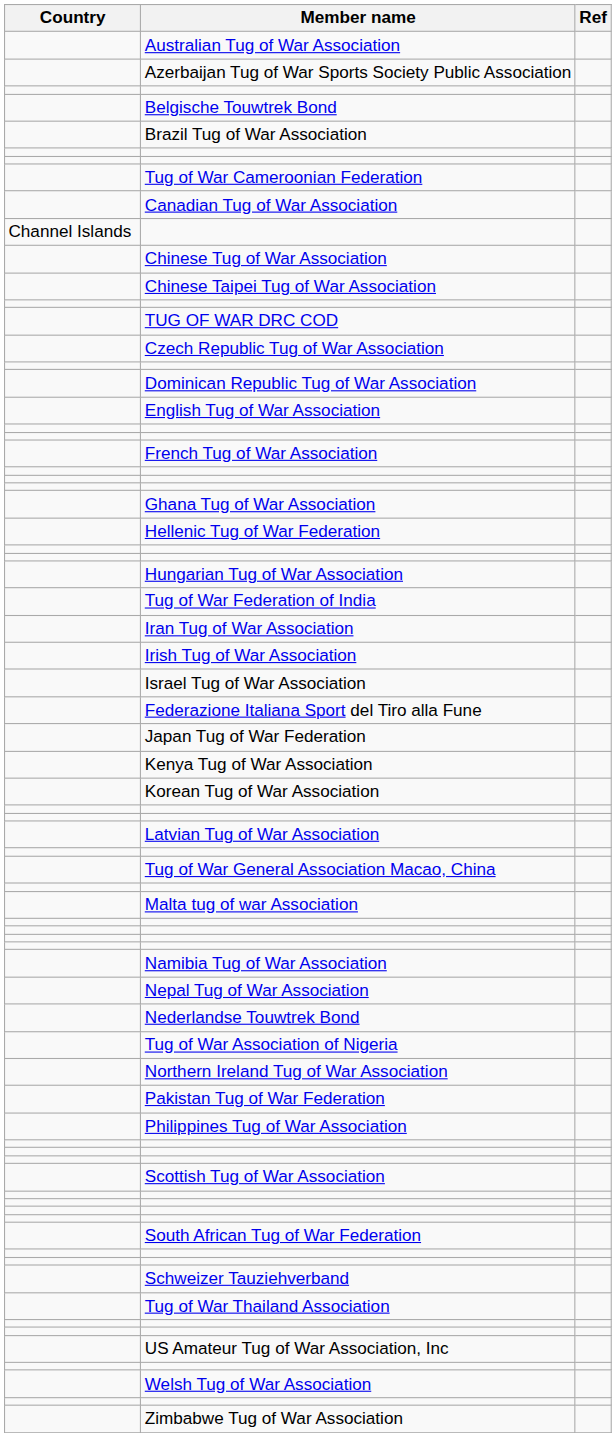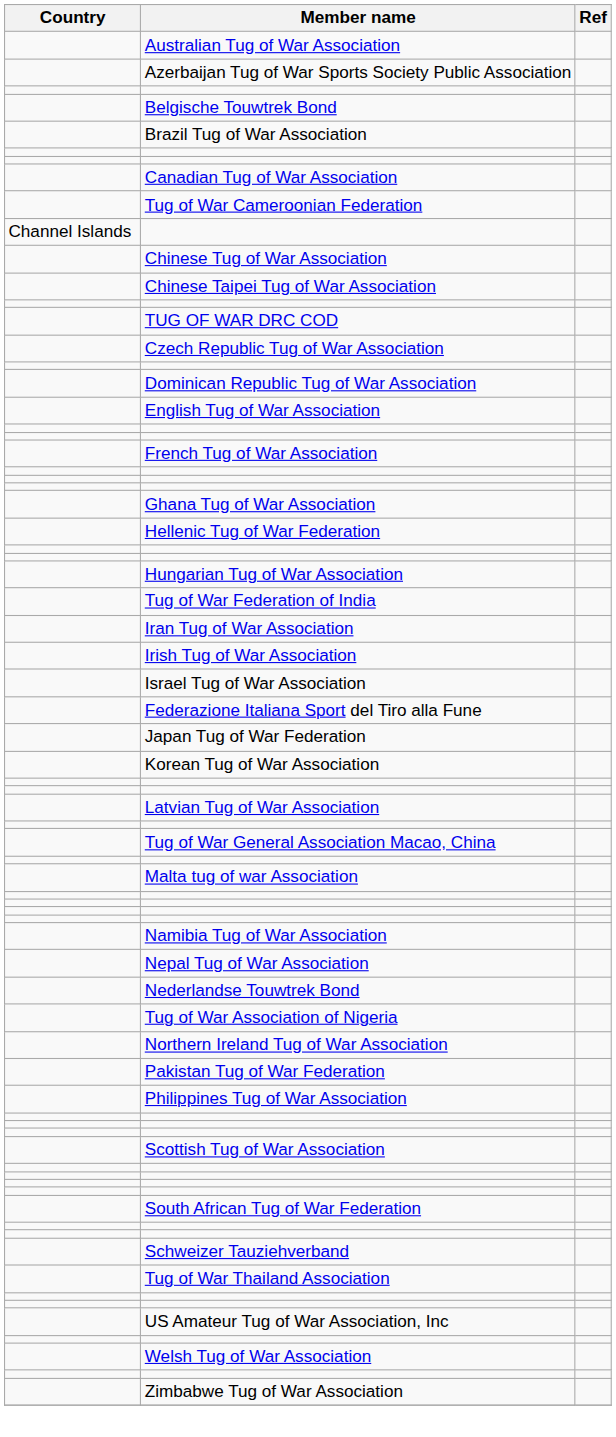 <table class="wikitable sortable">
 <tr>
 <th width="120">Country</th>
 <th align="center">Member name</th>
 <th class="unsortable">Ref</th>
 </tr>
 <tr>
 <td></td>
 <td><a href='#'>Australian Tug of War Association</a></td>
 <td></td>
 </tr>
 <tr>
 <td></td>
 <td>Azerbaijan Tug of War Sports Society Public Association</td>
 <td></td>
 </tr>
 <tr>
 <td></td>
 <td></td>
 <td></td>
 </tr>
 <tr>
 <td></td>
 <td><a href='#'>Belgische Touwtrek Bond</a></td>
 <td></td>
 </tr>
 <tr>
 <td></td>
 <td>Brazil Tug of War Association</td>
 <td></td>
 </tr>
 <tr>
 <td></td>
 <td></td>
 <td></td>
 </tr>
 <tr>
 <td></td>
 <td></td>
 <td></td>
 </tr>
 <tr>
 <td></td>
-<td><a href='#'>Tug of War Cameroonian Federation</a></td>
+<td><a href='#'>Canadian Tug of War Association</a></td>
 <td></td>
 </tr>
 <tr>
 <td></td>
-<td><a href='#'>Canadian Tug of War Association</a></td>
+<td><a href='#'>Tug of War Cameroonian Federation</a></td>
 <td></td>
 </tr>
 <tr>
 <td> Channel Islands</td>
 <td></td>
 <td></td>
 </tr>
 <tr>
 <td></td>
 <td><a href='#'>Chinese Tug of War Association</a></td>
 <td></td>
 </tr>
 <tr>
 <td></td>
 <td><a href='#'>Chinese Taipei Tug of War Association</a></td>
 <td></td>
 </tr>
 <tr>
 <td></td>
 <td></td>
 <td></td>
 </tr>
 <tr>
 <td></td>
 <td><a href='#'>TUG OF WAR DRC COD</a></td>
 <td></td>
 </tr>
 <tr>
 <td></td>
 <td><a href='#'>Czech Republic Tug of War Association</a></td>
 <td></td>
 </tr>
 <tr>
 <td></td>
 <td></td>
 <td></td>
 </tr>
 <tr>
 <td></td>
 <td><a href='#'>Dominican Republic Tug of War Association</a></td>
 <td></td>
 </tr>
 <tr>
 <td></td>
 <td><a href='#'>English Tug of War Association</a></td>
 <td></td>
 </tr>
 <tr>
 <td></td>
 <td></td>
 <td></td>
 </tr>
 <tr>
 <td></td>
 <td></td>
 <td></td>
 </tr>
 <tr>
 <td></td>
 <td><a href='#'>French Tug of War Association</a></td>
 <td></td>
 </tr>
 <tr>
 <td></td>
 <td></td>
 <td></td>
 </tr>
 <tr>
 <td></td>
 <td></td>
 <td></td>
 </tr>
 <tr>
 <td></td>
 <td></td>
 <td></td>
 </tr>
 <tr>
 <td></td>
 <td><a href='#'>Ghana Tug of War Association</a></td>
 <td></td>
 </tr>
 <tr>
 <td></td>
 <td><a href='#'>Hellenic Tug of War Federation</a></td>
 <td></td>
 </tr>
 <tr>
 <td></td>
 <td></td>
 <td></td>
 </tr>
 <tr>
 <td></td>
 <td></td>
 <td></td>
 </tr>
 <tr>
 <td></td>
 <td><a href='#'>Hungarian Tug of War Association</a></td>
 <td></td>
 </tr>
 <tr>
 <td></td>
 <td><a href='#'>Tug of War Federation of India</a></td>
 <td></td>
 </tr>
 <tr>
 <td></td>
 <td><a href='#'>Iran Tug of War Association</a></td>
 <td></td>
 </tr>
 <tr>
 <td></td>
 <td><a href='#'>Irish Tug of War Association</a></td>
 <td></td>
 </tr>
 <tr>
 <td></td>
 <td>Israel Tug of War Association</td>
 <td></td>
 </tr>
 <tr>
 <td></td>
 <td><a href='#'>Federazione Italiana Sport</a> del Tiro alla Fune</td>
 <td></td>
 </tr>
 <tr>
 <td></td>
 <td>Japan Tug of War Federation</td>
-<td></td>
-</tr>
-<tr>
-<td></td>
-<td>Kenya Tug of War Association</td>
 <td></td>
 </tr>
 <tr>
 <td></td>
 <td>Korean Tug of War Association</td>
 <td></td>
 </tr>
 <tr>
 <td></td>
 <td></td>
 <td></td>
 </tr>
 <tr>
 <td></td>
 <td></td>
 <td></td>
 </tr>
 <tr>
 <td></td>
 <td><a href='#'>Latvian Tug of War Association</a></td>
 <td></td>
 </tr>
 <tr>
 <td></td>
 <td></td>
 <td></td>
 </tr>
 <tr>
 <td></td>
 <td><a href='#'>Tug of War General Association Macao, China</a></td>
 <td></td>
 </tr>
 <tr>
 <td></td>
 <td></td>
 <td></td>
 </tr>
 <tr>
 <td></td>
 <td><a href='#'>Malta tug of war Association</a></td>
 <td></td>
 </tr>
 <tr>
 <td></td>
 <td></td>
 <td></td>
 </tr>
 <tr>
 <td></td>
 <td></td>
 <td></td>
 </tr>
 <tr>
 <td></td>
 <td></td>
 <td></td>
 </tr>
 <tr>
 <td></td>
 <td></td>
 <td></td>
 </tr>
 <tr>
 <td></td>
 <td><a href='#'>Namibia Tug of War Association</a></td>
 <td></td>
 </tr>
 <tr>
 <td></td>
 <td><a href='#'>Nepal Tug of War Association</a></td>
 <td></td>
 </tr>
 <tr>
 <td></td>
 <td><a href='#'>Nederlandse Touwtrek Bond</a></td>
 <td></td>
 </tr>
 <tr>
 <td></td>
 <td><a href='#'>Tug of War Association of Nigeria</a></td>
 <td></td>
 </tr>
 <tr>
 <td></td>
 <td><a href='#'>Northern Ireland Tug of War Association</a></td>
 <td></td>
 </tr>
 <tr>
 <td></td>
 <td><a href='#'>Pakistan Tug of War Federation</a></td>
 <td></td>
 </tr>
 <tr>
 <td></td>
 <td><a href='#'>Philippines Tug of War Association</a></td>
 <td></td>
 </tr>
 <tr>
 <td></td>
 <td></td>
 <td></td>
 </tr>
 <tr>
 <td></td>
 <td></td>
 <td></td>
 </tr>
 <tr>
 <td></td>
 <td></td>
 <td></td>
 </tr>
 <tr>
 <td></td>
 <td><a href='#'>Scottish Tug of War Association</a></td>
 <td></td>
 </tr>
 <tr>
 <td></td>
 <td></td>
 <td></td>
 </tr>
 <tr>
 <td></td>
 <td></td>
 <td></td>
 </tr>
 <tr>
 <td></td>
 <td></td>
 <td></td>
 </tr>
 <tr>
 <td></td>
 <td></td>
 <td></td>
 </tr>
 <tr>
 <td></td>
 <td><a href='#'>South African Tug of War Federation</a></td>
 <td></td>
 </tr>
 <tr>
 <td></td>
 <td></td>
 <td></td>
 </tr>
 <tr>
 <td></td>
 <td></td>
 <td></td>
 </tr>
 <tr>
 <td></td>
 <td><a href='#'>Schweizer Tauziehverband</a></td>
 <td></td>
 </tr>
 <tr>
 <td></td>
 <td><a href='#'>Tug of War Thailand Association</a></td>
 <td></td>
 </tr>
 <tr>
 <td></td>
 <td></td>
 <td></td>
 </tr>
 <tr>
 <td></td>
 <td></td>
 <td></td>
 </tr>
 <tr>
 <td></td>
 <td>US Amateur Tug of War Association, Inc</td>
 <td></td>
 </tr>
 <tr>
 <td></td>
 <td></td>
 <td></td>
 </tr>
 <tr>
 <td></td>
 <td><a href='#'>Welsh Tug of War Association</a></td>
 <td></td>
 </tr>
 <tr>
 <td></td>
 <td></td>
 <td></td>
 </tr>
 <tr>
 <td></td>
 <td>Zimbabwe Tug of War Association</td>
 <td></td>
 </tr>
 <tr>
 </tr>
 </table>
